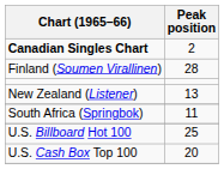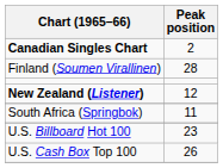 <table class="wikitable sortable" border="1">
 <tr>
 <th scope="col">Chart (1965–66)</th>
 <th scope="col">Peak<br>position</th>
 </tr>
 <tr>
 <td><strong>Canadian Singles Chart</strong></td>
 <td style="text-align:center;">2</td>
 </tr>
 <tr>
 <td>Finland (<a href='#'><em>Soumen Virallinen</em></a>)</td>
 <td style="text-align:center;">28</td>
 </tr>
 <tr>
 <td></td>
 </tr>
 <tr>
-<td>New Zealand (<em><a href='#'>Listener</a></em>)</td>
-<td style="text-align:center;">13</td>
+<td><strong>New Zealand (<em><a href='#'>Listener</a></em>)</strong></td>
+<td style="text-align:center;">12</td>
 </tr>
 <tr>
 </tr>
 <tr>
 <td>South Africa (<a href='#'>Springbok</a>)</td>
 <td align="center">11</td>
 </tr>
 <tr>
 </tr>
 <tr>
 <td>U.S. <em><a href='#'>Billboard</a></em> <a href='#'>Hot 100</a></td>
-<td style="text-align:center;">25</td>
+<td style="text-align:center;">23</td>
 </tr>
 <tr>
 <td>U.S. <a href='#'><em>Cash Box</em></a> Top 100</td>
-<td align="center">20</td>
+<td align="center">26</td>
 </tr>
 <tr>
 </tr>
 </table>
